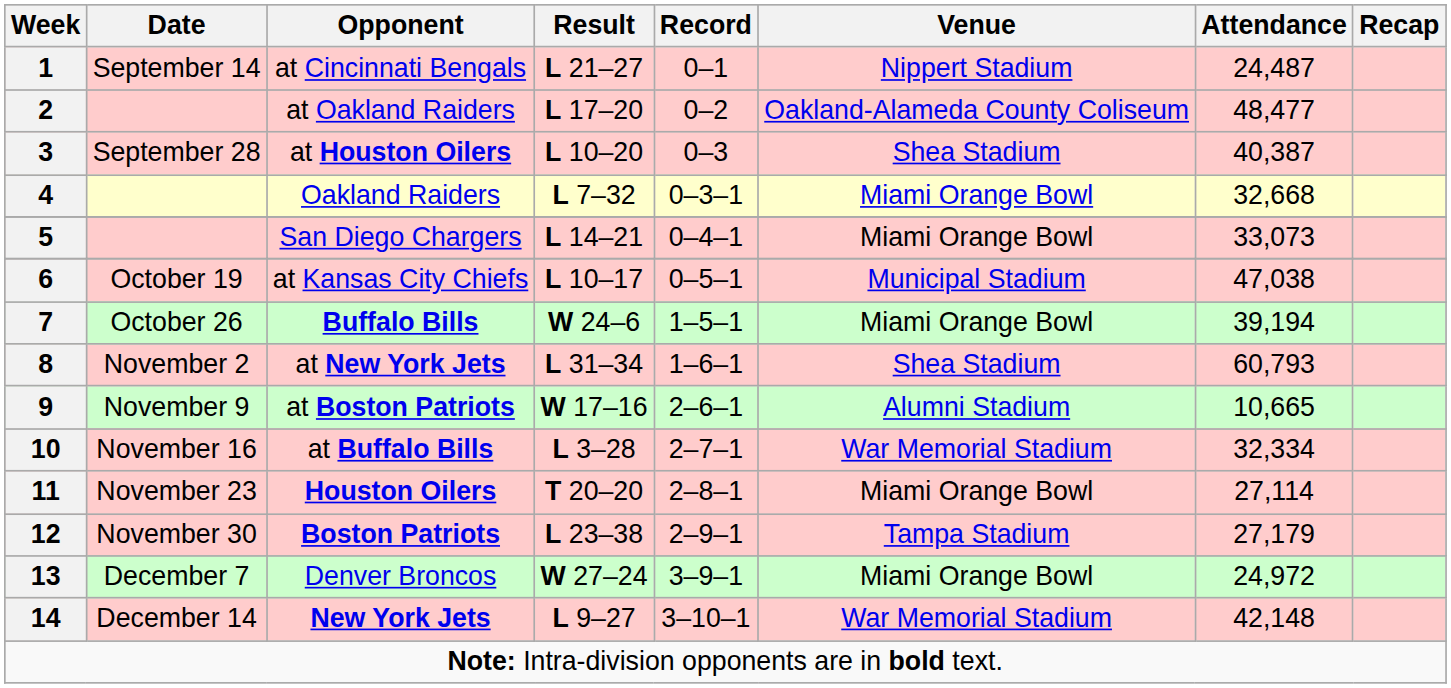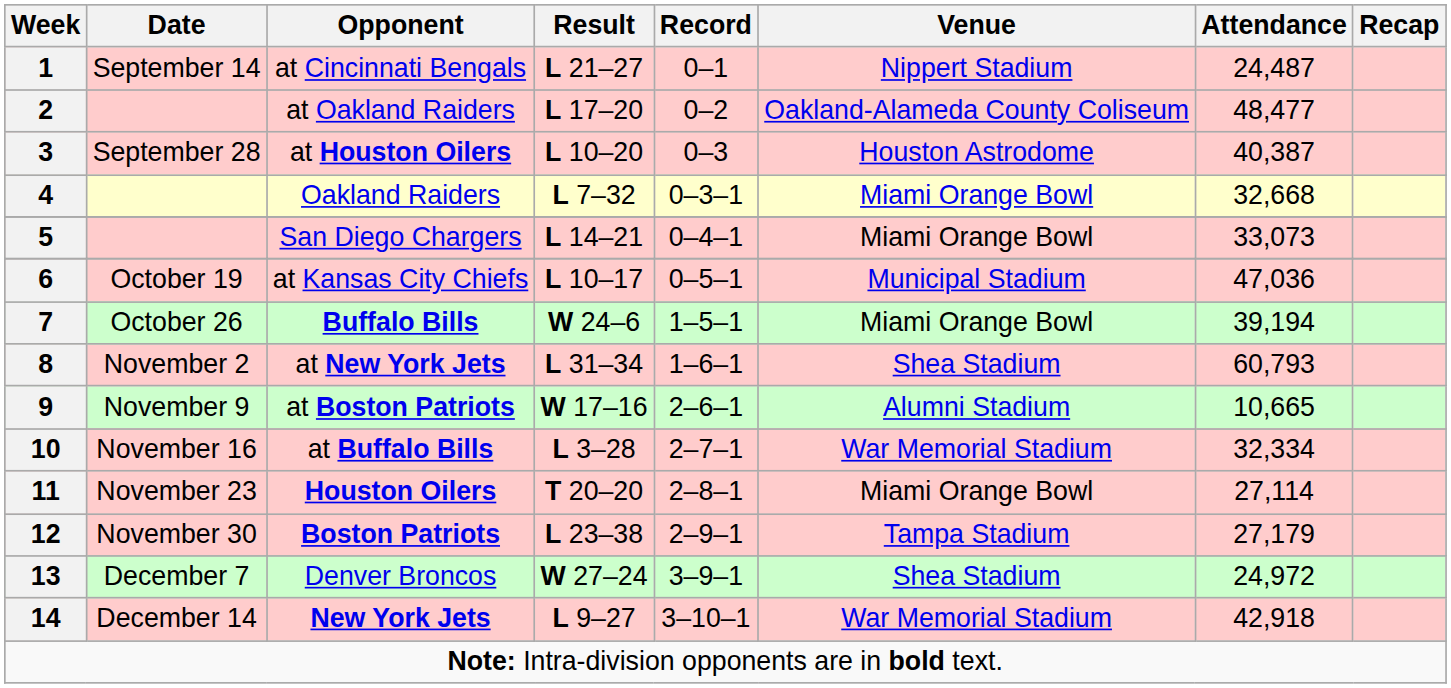 <table class="wikitable" style="text-align:center">
 <tr>
 <th>Week</th>
 <th>Date</th>
 <th>Opponent</th>
 <th>Result</th>
 <th>Record</th>
 <th>Venue</th>
 <th>Attendance</th>
 <th>Recap</th>
 </tr>
 <tr style="background:#fcc">
 <th>1</th>
 <td>September 14</td>
 <td>at <a href='#'>Cincinnati Bengals</a></td>
 <td><strong>L</strong> 21–27</td>
 <td>0–1</td>
 <td><a href='#'>Nippert Stadium</a></td>
 <td>24,487</td>
 <td></td>
 </tr>
 <tr style="background:#fcc">
 <th>2</th>
 <td></td>
 <td>at <a href='#'>Oakland Raiders</a></td>
 <td><strong>L</strong> 17–20</td>
 <td>0–2</td>
 <td><a href='#'>Oakland-Alameda County Coliseum</a></td>
 <td>48,477</td>
 <td></td>
 </tr>
 <tr style="background:#fcc">
 <th>3</th>
 <td>September 28</td>
 <td>at <strong><a href='#'>Houston Oilers</a></strong></td>
 <td><strong>L</strong> 10–20</td>
 <td>0–3</td>
-<td><a href='#'>Shea Stadium</a></td>
+<td><a href='#'>Houston Astrodome</a></td>
 <td>40,387</td>
 <td></td>
 </tr>
 <tr style="background:#ffc">
 <th>4</th>
 <td></td>
 <td><a href='#'>Oakland Raiders</a></td>
 <td><strong>L</strong> 7–32</td>
 <td>0–3–1</td>
 <td><a href='#'>Miami Orange Bowl</a></td>
 <td>32,668</td>
 <td></td>
 </tr>
 <tr>
 </tr>
 <tr style="background:#fcc">
 <th>5</th>
 <td></td>
 <td><a href='#'>San Diego Chargers</a></td>
 <td><strong>L</strong> 14–21</td>
 <td>0–4–1</td>
 <td>Miami Orange Bowl</td>
 <td>33,073</td>
 <td></td>
 </tr>
 <tr>
 </tr>
 <tr style="background:#fcc">
 <th>6</th>
 <td>October 19</td>
 <td>at <a href='#'>Kansas City Chiefs</a></td>
 <td><strong>L</strong> 10–17</td>
 <td>0–5–1</td>
 <td><a href='#'>Municipal Stadium</a></td>
-<td>47,038</td>
+<td>47,036</td>
 <td></td>
 </tr>
 <tr style="background:#cfc">
 <th>7</th>
 <td>October 26</td>
 <td><strong><a href='#'>Buffalo Bills</a></strong></td>
 <td><strong>W</strong> 24–6</td>
 <td>1–5–1</td>
 <td>Miami Orange Bowl</td>
 <td>39,194</td>
 <td></td>
 </tr>
 <tr style="background:#fcc">
 <th>8</th>
 <td>November 2</td>
 <td>at <strong><a href='#'>New York Jets</a></strong></td>
 <td><strong>L</strong> 31–34</td>
 <td>1–6–1</td>
 <td><a href='#'>Shea Stadium</a></td>
 <td>60,793</td>
 <td></td>
 </tr>
 <tr style="background:#cfc">
 <th>9</th>
 <td>November 9</td>
 <td>at <strong><a href='#'>Boston Patriots</a></strong></td>
 <td><strong>W</strong> 17–16</td>
 <td>2–6–1</td>
 <td><a href='#'>Alumni Stadium</a></td>
 <td>10,665</td>
 <td></td>
 </tr>
 <tr style="background:#fcc">
 <th>10</th>
 <td>November 16</td>
 <td>at <strong><a href='#'>Buffalo Bills</a></strong></td>
 <td><strong>L</strong> 3–28</td>
 <td>2–7–1</td>
 <td><a href='#'>War Memorial Stadium</a></td>
 <td>32,334</td>
 <td></td>
 </tr>
 <tr style="background:#fcc">
 <th>11</th>
 <td>November 23</td>
 <td><strong><a href='#'>Houston Oilers</a></strong></td>
 <td><strong>T</strong> 20–20</td>
 <td>2–8–1</td>
 <td>Miami Orange Bowl</td>
 <td>27,114</td>
 <td></td>
 </tr>
 <tr style="background:#fcc;">
 <th>12</th>
 <td>November 30</td>
 <td><strong><a href='#'>Boston Patriots</a></strong></td>
 <td><strong>L</strong> 23–38</td>
 <td>2–9–1</td>
 <td><a href='#'>Tampa Stadium</a></td>
 <td>27,179</td>
 <td></td>
 </tr>
 <tr style="background:#cfc">
 <th>13</th>
 <td>December 7</td>
 <td><a href='#'>Denver Broncos</a></td>
 <td><strong>W</strong> 27–24</td>
 <td>3–9–1</td>
-<td>Miami Orange Bowl</td>
+<td><a href='#'>Shea Stadium</a></td>
 <td>24,972</td>
 <td></td>
 </tr>
 <tr style="background:#fcc">
 <th>14</th>
 <td>December 14</td>
 <td><strong><a href='#'>New York Jets</a></strong></td>
 <td><strong>L</strong> 9–27</td>
 <td>3–10–1</td>
 <td><a href='#'>War Memorial Stadium</a></td>
-<td>42,148</td>
+<td>42,918</td>
 <td></td>
 </tr>
 <tr>
 <td colspan="8"><strong>Note:</strong> Intra-division opponents are in <strong>bold</strong> text.</td>
 </tr>
 </table>
